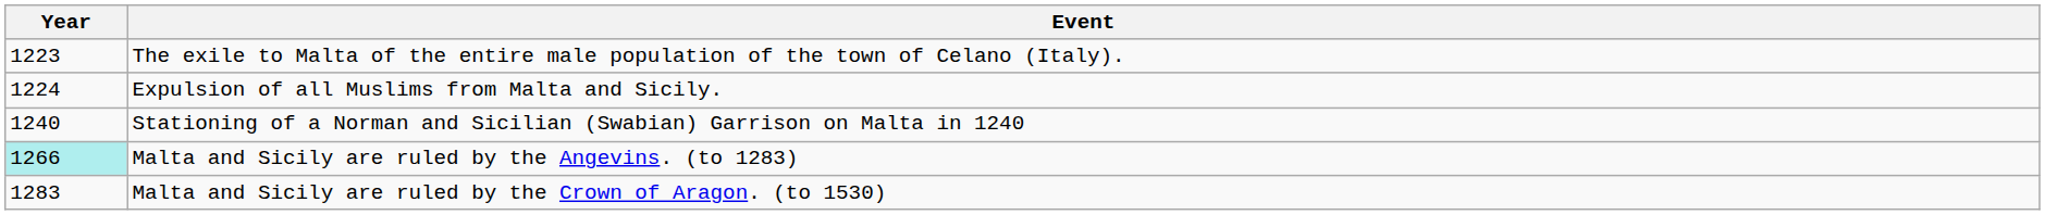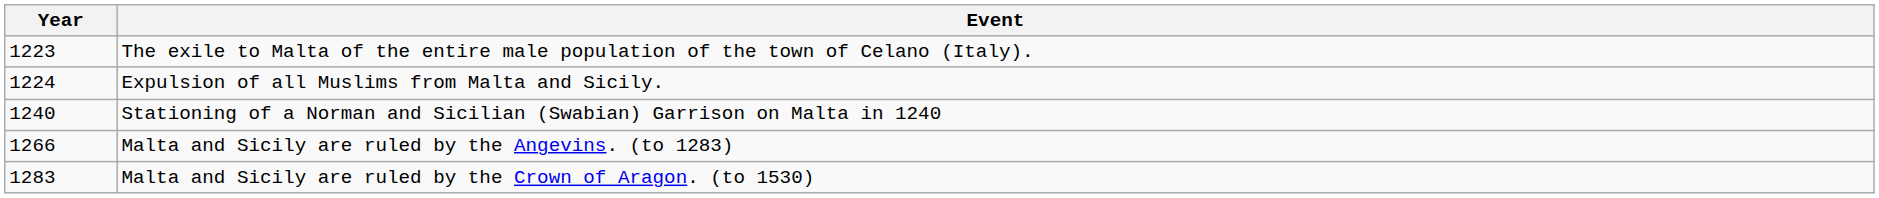 <table class="wikitable" width="100%">
 <tr>
 <th style="width:6%">Year</th>
 <th>Event</th>
 </tr>
 <tr>
 <td>1223</td>
 <td>The exile to Malta of the entire male population of the town of Celano (Italy).</td>
 </tr>
 <tr>
 <td>1224</td>
 <td>Expulsion of all Muslims from Malta and Sicily.</td>
 </tr>
 <tr>
 <td>1240</td>
 <td>Stationing of a Norman and Sicilian (Swabian) Garrison on Malta in 1240 </td>
 </tr>
 <tr>
-<td style="background: paleturquoise;">1266</td>
+<td>1266</td>
 <td>Malta and Sicily are ruled by the <a href='#'>Angevins</a>. (to 1283)</td>
 </tr>
 <tr>
 <td>1283</td>
 <td>Malta and Sicily are ruled by the <a href='#'>Crown of Aragon</a>. (to 1530)</td>
 </tr>
 </table>
